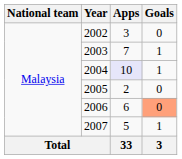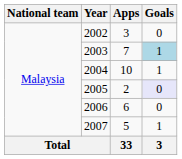 <table class=wikitable style="text-align: center;">
 <tr>
 <th>National team</th>
 <th>Year</th>
 <th>Apps</th>
 <th>Goals</th>
 </tr>
 <tr>
 <td rowspan=6><a href='#'>Malaysia</a></td>
 <td>2002</td>
 <td>3</td>
 <td>0</td>
 </tr>
 <tr>
 <td>2003</td>
 <td>7</td>
-<td>1</td>
+<td style="background: lightblue;">1</td>
 </tr>
 <tr>
 <td>2004</td>
-<td style="background: lavender;">10</td>
+<td>10</td>
 <td>1</td>
 </tr>
 <tr>
 <td>2005</td>
 <td>2</td>
-<td>0</td>
+<td style="background: lavender;">0</td>
 </tr>
 <tr>
 <td>2006</td>
 <td>6</td>
-<td style="background: lightsalmon;">0</td>
+<td>0</td>
 </tr>
 <tr>
 <td>2007</td>
 <td>5</td>
 <td>1</td>
 </tr>
 <tr>
 <th colspan=2>Total</th>
 <th>33</th>
 <th>3</th>
 </tr>
 </table>
